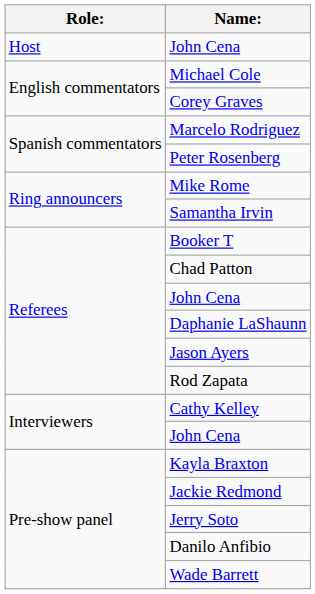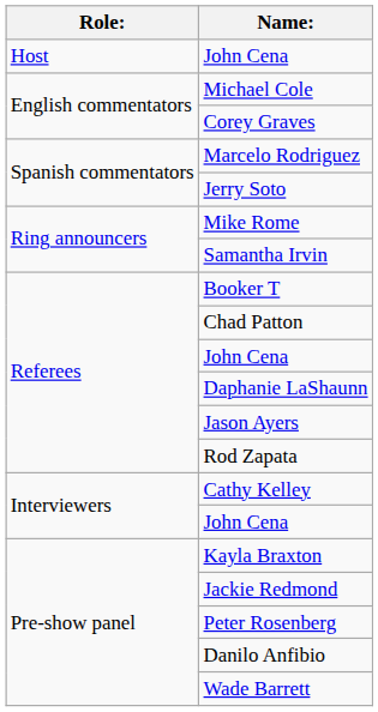 <table class=wikitable style="font-size:90%; margin: 0.5em 0 0.5em 1em; float: right; clear: right;">
 <tr>
 <th>Role:</th>
 <th>Name:</th>
 </tr>
 <tr>
 <td><a href='#'>Host</a></td>
 <td><a href='#'>John Cena</a></td>
 </tr>
 <tr>
 <td rowspan=2>English commentators</td>
 <td><a href='#'>Michael Cole</a></td>
 </tr>
 <tr>
 <td><a href='#'>Corey Graves</a></td>
 </tr>
 <tr>
 <td rowspan=2>Spanish commentators</td>
 <td><a href='#'>Marcelo Rodriguez</a></td>
 </tr>
 <tr>
-<td><a href='#'>Peter Rosenberg</a></td>
+<td><a href='#'>Jerry Soto</a></td>
 </tr>
 <tr>
 <td rowspan=2><a href='#'>Ring announcers</a></td>
 <td><a href='#'>Mike Rome</a> </td>
 </tr>
 <tr>
 <td><a href='#'>Samantha Irvin</a> </td>
 </tr>
 <tr>
 <td rowspan=6><a href='#'>Referees</a></td>
 <td><a href='#'>Booker T</a></td>
 </tr>
 <tr>
 <td>Chad Patton</td>
 </tr>
 <tr>
 <td><a href='#'>John Cena</a> </td>
 </tr>
 <tr>
 <td><a href='#'>Daphanie LaShaunn</a></td>
 </tr>
 <tr>
 <td><a href='#'>Jason Ayers</a></td>
 </tr>
 <tr>
 <td>Rod Zapata</td>
 </tr>
 <tr>
 <td rowspan="2">Interviewers</td>
 <td><a href='#'>Cathy Kelley</a></td>
 </tr>
 <tr>
 <td><a href='#'>John Cena</a></td>
 </tr>
 <tr>
 <td rowspan="5">Pre-show panel</td>
 <td><a href='#'>Kayla Braxton</a></td>
 </tr>
 <tr>
 <td><a href='#'>Jackie Redmond</a></td>
 </tr>
 <tr>
-<td><a href='#'>Jerry Soto</a></td>
+<td><a href='#'>Peter Rosenberg</a></td>
 </tr>
 <tr>
 <td>Danilo Anfibio</td>
 </tr>
 <tr>
 <td><a href='#'>Wade Barrett</a></td>
 </tr>
 </table>
